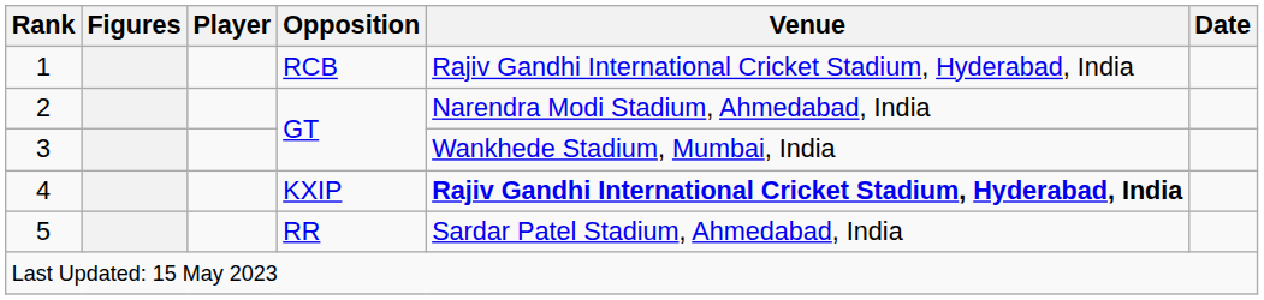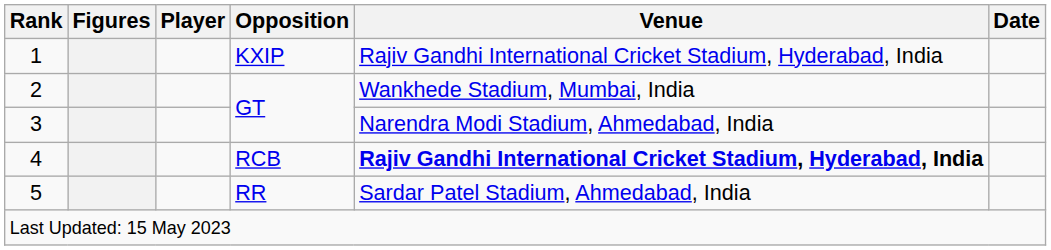 <table class="wikitable">
 <tr>
 <th style="text-align:center;">Rank</th>
 <th style="text-align:center;">Figures</th>
 <th style="text-align:center;">Player</th>
 <th style="text-align:center;">Opposition</th>
 <th style="text-align:center;">Venue</th>
 <th style="text-align:center;">Date</th>
 </tr>
 <tr>
 <td align=center>1</td>
 <th scope=row style=text-align:center;></th>
 <td></td>
-<td><a href='#'>RCB</a></td>
+<td><a href='#'>KXIP</a></td>
 <td><a href='#'>Rajiv Gandhi International Cricket Stadium</a>, <a href='#'>Hyderabad</a>, India</td>
 <td></td>
 </tr>
 <tr>
 <td align=center>2</td>
 <th scope=row style=text-align:center;></th>
 <td></td>
 <td rowspan=2><a href='#'>GT</a></td>
-<td><a href='#'>Narendra Modi Stadium</a>, <a href='#'>Ahmedabad</a>, India</td>
+<td><a href='#'>Wankhede Stadium</a>, <a href='#'>Mumbai</a>, India</td>
 <td></td>
 </tr>
 <tr>
 <td align=center>3</td>
 <th scope=row style=text-align:center;></th>
 <td></td>
-<td><a href='#'>Wankhede Stadium</a>, <a href='#'>Mumbai</a>, India</td>
+<td><a href='#'>Narendra Modi Stadium</a>, <a href='#'>Ahmedabad</a>, India</td>
 <td></td>
 </tr>
 <tr>
 <td align=center>4</td>
 <th scope=row style=text-align:center;></th>
 <td></td>
-<td><a href='#'>KXIP</a></td>
+<td><a href='#'>RCB</a></td>
 <td><strong><a href='#'>Rajiv Gandhi International Cricket Stadium</a>, <a href='#'>Hyderabad</a>, India</strong></td>
 <td></td>
 </tr>
 <tr>
 <td align=center>5</td>
 <th scope=row style=text-align:center;></th>
 <td></td>
 <td><a href='#'>RR</a></td>
 <td><a href='#'>Sardar Patel Stadium</a>, <a href='#'>Ahmedabad</a>, India</td>
 <td></td>
 </tr>
 <tr class=sortbottom>
 <td colspan=6><small>Last Updated: 15 May 2023</small></td>
 </tr>
 </table>
